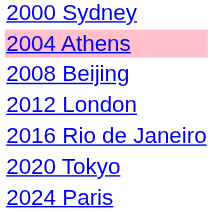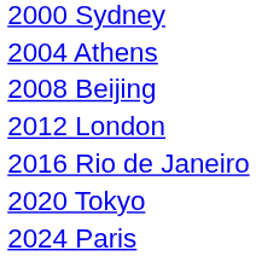 <table>
 <tr>
 <td><a href='#'>2000 Sydney</a><br></td>
 <td></td>
 <td></td>
 <td></td>
 </tr>
 <tr>
-<td style="background: pink;"><a href='#'>2004 Athens</a><br></td>
+<td><a href='#'>2004 Athens</a><br></td>
 <td></td>
 <td></td>
 <td></td>
 </tr>
 <tr valign="top">
 <td rowspan=2><a href='#'>2008 Beijing</a><br></td>
 <td rowspan=2></td>
 <td rowspan=2></td>
 <td></td>
 </tr>
 <tr>
 <td></td>
 </tr>
 <tr valign="top">
 <td rowspan=2><a href='#'>2012 London</a><br></td>
 <td rowspan=2></td>
 <td rowspan=2></td>
 <td></td>
 </tr>
 <tr>
 <td></td>
 </tr>
 <tr valign="top">
 <td rowspan=2><a href='#'>2016 Rio de Janeiro</a><br></td>
 <td rowspan=2></td>
 <td rowspan=2></td>
 <td></td>
 </tr>
 <tr>
 <td></td>
 </tr>
 <tr valign="top">
 <td rowspan=2><a href='#'>2020 Tokyo</a><br></td>
 <td rowspan=2></td>
 <td rowspan=2></td>
 <td></td>
 </tr>
 <tr>
 <td></td>
 </tr>
 <tr valign="top">
 <td rowspan=2><a href='#'>2024 Paris</a><br></td>
 <td rowspan=2></td>
 <td rowspan=2></td>
 <td></td>
 </tr>
 <tr>
 <td></td>
 </tr>
 </table>
